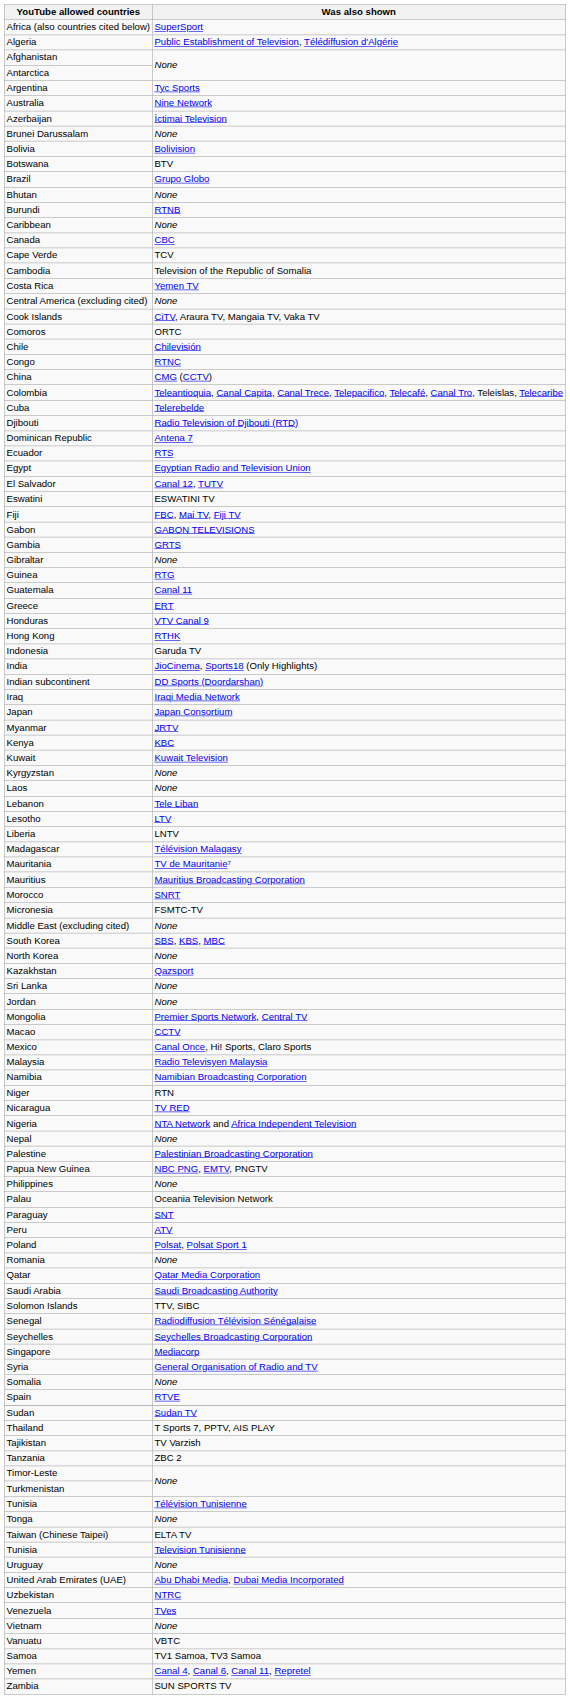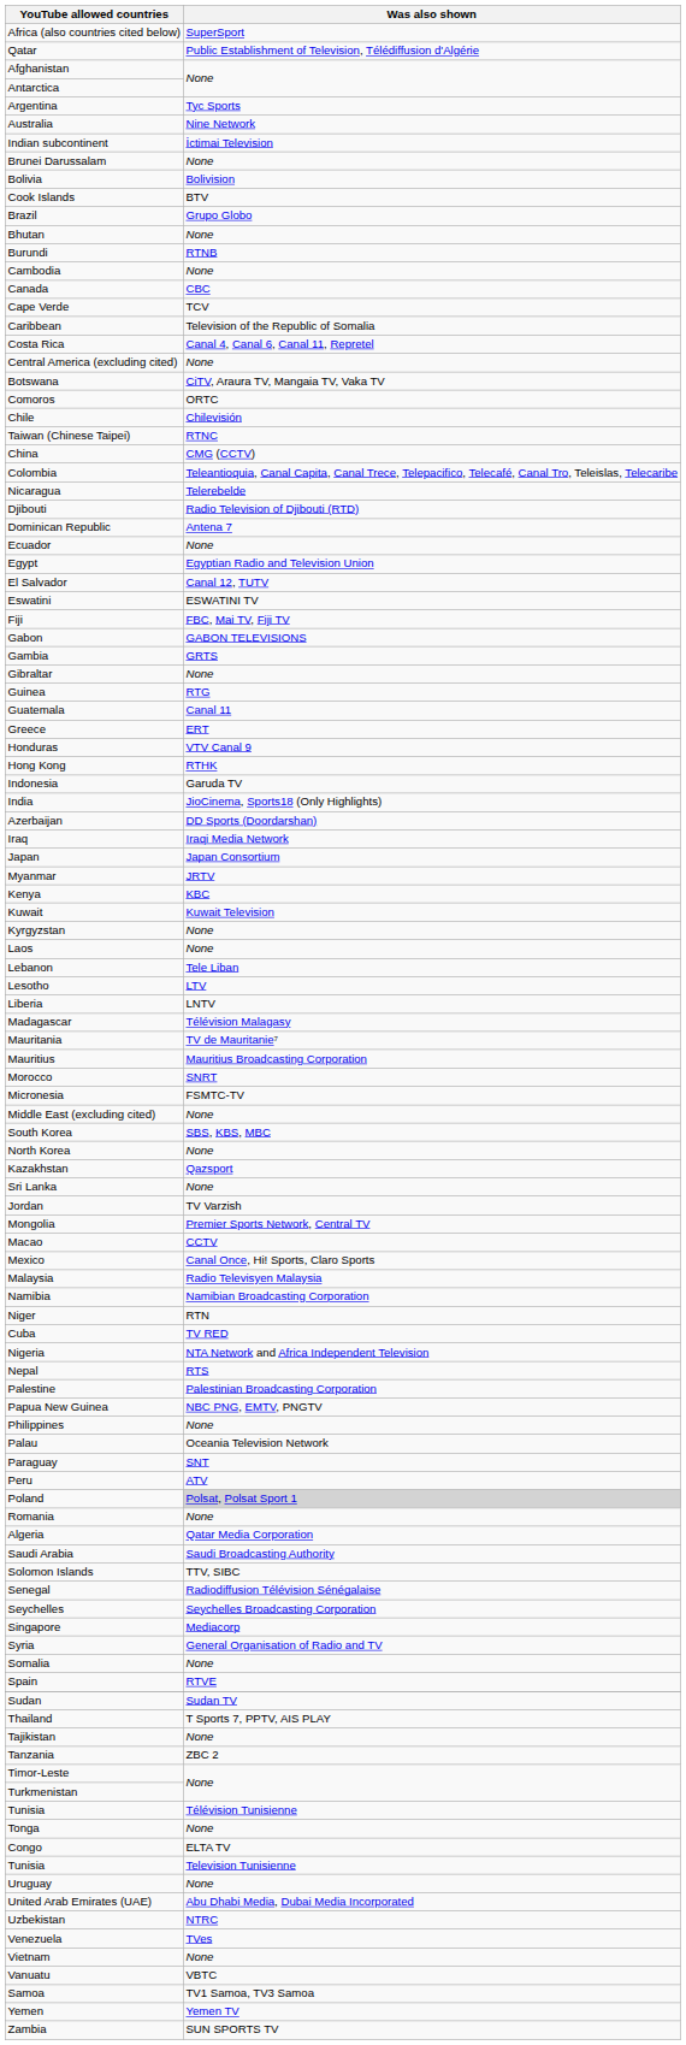 <table class="wikitable">
 <tr>
 <th>YouTube allowed countries</th>
 <th>Was also shown</th>
 </tr>
 <tr>
 <td>Africa (also countries cited below)</td>
 <td><a href='#'>SuperSport</a></td>
 </tr>
 <tr>
-<td>Algeria</td>
+<td>Qatar</td>
 <td><a href='#'>Public Establishment of Television</a>, <a href='#'>Télédiffusion d'Algérie</a></td>
 </tr>
 <tr>
 <td>Afghanistan</td>
 <td rowspan="2"><em>None</em></td>
 </tr>
 <tr>
 <td>Antarctica</td>
 </tr>
 <tr>
 <td>Argentina</td>
 <td><a href='#'>Tyc Sports</a></td>
 </tr>
 <tr>
 <td>Australia</td>
 <td rowspan="1"><a href='#'>Nine Network</a></td>
 </tr>
 <tr>
-<td>Azerbaijan</td>
+<td>Indian subcontinent</td>
 <td><a href='#'>İctimai Television</a></td>
 </tr>
 <tr>
 <td>Brunei Darussalam</td>
 <td rowspan="1"><em>None</em></td>
 </tr>
 <tr>
 <td>Bolivia</td>
 <td><a href='#'>Bolivision</a></td>
 </tr>
 <tr>
-<td>Botswana</td>
+<td>Cook Islands</td>
 <td>BTV</td>
 </tr>
 <tr>
 <td>Brazil</td>
 <td><a href='#'>Grupo Globo</a></td>
 </tr>
 <tr>
 <td>Bhutan</td>
 <td><em>None</em></td>
 </tr>
 <tr>
 <td>Burundi</td>
 <td><a href='#'>RTNB</a></td>
 </tr>
 <tr>
-<td>Caribbean</td>
+<td>Cambodia</td>
 <td><em>None</em></td>
 </tr>
 <tr>
 <td>Canada</td>
 <td><a href='#'>CBC</a></td>
 </tr>
 <tr>
 <td>Cape Verde</td>
 <td>TCV</td>
 </tr>
 <tr>
-<td>Cambodia</td>
+<td>Caribbean</td>
 <td>Television of the Republic of Somalia</td>
 </tr>
 <tr>
 <td>Costa Rica</td>
-<td><a href='#'>Yemen TV</a></td>
+<td><a href='#'>Canal 4</a>, <a href='#'>Canal 6</a>, <a href='#'>Canal 11</a>, <a href='#'>Repretel</a></td>
 </tr>
 <tr>
 <td>Central America (excluding cited)</td>
 <td><em>None</em></td>
 </tr>
 <tr>
-<td>Cook Islands</td>
+<td>Botswana</td>
 <td><a href='#'>CiTV</a>, Araura TV, Mangaia TV, Vaka TV</td>
 </tr>
 <tr>
 <td>Comoros</td>
 <td>ORTC</td>
 </tr>
 <tr>
 <td>Chile</td>
 <td><a href='#'>Chilevisión</a></td>
 </tr>
 <tr>
-<td>Congo</td>
+<td>Taiwan (Chinese Taipei)</td>
 <td><a href='#'>RTNC</a></td>
 </tr>
 <tr>
 <td>China</td>
 <td><a href='#'>CMG</a> (<a href='#'>CCTV</a>)</td>
 </tr>
 <tr>
 <td>Colombia</td>
 <td><a href='#'>Teleantioquia</a>, <a href='#'>Canal Capita</a>, <a href='#'>Canal Trece</a>, <a href='#'>Telepacifico</a>, <a href='#'>Telecafé</a>, <a href='#'>Canal Tro</a>, Teleislas, <a href='#'>Telecaribe</a></td>
 </tr>
 <tr>
-<td>Cuba</td>
+<td>Nicaragua</td>
 <td><a href='#'>Telerebelde</a></td>
 </tr>
 <tr>
 <td>Djibouti</td>
 <td><a href='#'>Radio Television of Djibouti (RTD)</a></td>
 </tr>
 <tr>
 <td>Dominican Republic</td>
 <td><a href='#'>Antena 7</a></td>
 </tr>
 <tr>
 <td>Ecuador</td>
-<td><a href='#'>RTS</a></td>
+<td><em>None</em></td>
 </tr>
 <tr>
 <td>Egypt</td>
 <td><a href='#'>Egyptian Radio and Television Union</a></td>
 </tr>
 <tr>
 <td>El Salvador</td>
 <td><a href='#'>Canal 12</a>, <a href='#'>TUTV</a></td>
 </tr>
 <tr>
 <td>Eswatini</td>
 <td>ESWATINI TV</td>
 </tr>
 <tr>
 <td>Fiji</td>
 <td><a href='#'>FBC</a>, <a href='#'>Mai TV</a>, <a href='#'>Fiji TV</a></td>
 </tr>
 <tr>
 <td>Gabon</td>
 <td><a href='#'>GABON TELEVISIONS</a></td>
 </tr>
 <tr>
 <td>Gambia</td>
 <td><a href='#'>GRTS</a></td>
 </tr>
 <tr>
 <td>Gibraltar</td>
 <td><em>None</em></td>
 </tr>
 <tr>
 <td>Guinea</td>
 <td><a href='#'>RTG</a></td>
 </tr>
 <tr>
 <td>Guatemala</td>
 <td><a href='#'>Canal 11</a></td>
 </tr>
 <tr>
 <td>Greece</td>
 <td><a href='#'>ERT</a></td>
 </tr>
 <tr>
 <td>Honduras</td>
 <td><a href='#'>VTV Canal 9</a></td>
 </tr>
 <tr>
 <td>Hong Kong</td>
 <td><a href='#'>RTHK</a></td>
 </tr>
 <tr>
 <td>Indonesia</td>
 <td>Garuda TV</td>
 </tr>
 <tr>
 <td>India</td>
 <td><a href='#'>JioCinema</a>, <a href='#'>Sports18</a> (Only Highlights)</td>
 </tr>
 <tr>
-<td>Indian subcontinent</td>
+<td>Azerbaijan</td>
 <td><a href='#'>DD Sports (Doordarshan)</a></td>
 </tr>
 <tr>
 <td>Iraq</td>
 <td><a href='#'>Iraqi Media Network</a></td>
 </tr>
 <tr>
 <td>Japan</td>
 <td><a href='#'>Japan Consortium</a></td>
 </tr>
 <tr>
 <td>Myanmar</td>
 <td><a href='#'>JRTV</a></td>
 </tr>
 <tr>
 <td>Kenya</td>
 <td><a href='#'>KBC</a></td>
 </tr>
 <tr>
 <td>Kuwait</td>
 <td><a href='#'>Kuwait Television</a></td>
 </tr>
 <tr>
 <td>Kyrgyzstan</td>
 <td><em>None</em></td>
 </tr>
 <tr>
 <td>Laos</td>
 <td><em>None</em></td>
 </tr>
 <tr>
 <td>Lebanon</td>
 <td><a href='#'>Tele Liban</a></td>
 </tr>
 <tr>
 <td>Lesotho</td>
 <td><a href='#'>LTV</a></td>
 </tr>
 <tr>
 <td>Liberia</td>
 <td>LNTV</td>
 </tr>
 <tr>
 <td>Madagascar</td>
 <td><a href='#'>Télévision Malagasy</a></td>
 </tr>
 <tr>
 <td>Mauritania</td>
 <td><a href='#'>TV de Mauritanie</a>⁷</td>
 </tr>
 <tr>
 <td>Mauritius</td>
 <td><a href='#'>Mauritius Broadcasting Corporation</a></td>
 </tr>
 <tr>
 <td>Morocco</td>
 <td><a href='#'>SNRT</a></td>
 </tr>
 <tr>
 <td>Micronesia</td>
 <td>FSMTC-TV</td>
 </tr>
 <tr>
 <td>Middle East (excluding cited)</td>
 <td><em>None</em></td>
 </tr>
 <tr>
 <td>South Korea</td>
 <td rowspan="1"><a href='#'>SBS</a>, <a href='#'>KBS</a>, <a href='#'>MBC</a></td>
 </tr>
 <tr>
 <td>North Korea</td>
 <td><em>None</em></td>
 </tr>
 <tr>
 <td>Kazakhstan</td>
 <td><a href='#'>Qazsport</a></td>
 </tr>
 <tr>
 <td>Sri Lanka</td>
 <td><em>None</em></td>
 </tr>
 <tr>
 <td>Jordan</td>
-<td><em>None</em></td>
+<td>TV Varzish</td>
 </tr>
 <tr>
 <td>Mongolia</td>
 <td><a href='#'>Premier Sports Network</a>, <a href='#'>Central TV</a></td>
 </tr>
 <tr>
 <td>Macao</td>
 <td><a href='#'>CCTV</a></td>
 </tr>
 <tr>
 <td>Mexico</td>
 <td><a href='#'>Canal Once</a>, Hi! Sports, Claro Sports</td>
 </tr>
 <tr>
 <td>Malaysia</td>
 <td><a href='#'>Radio Televisyen Malaysia</a></td>
 </tr>
 <tr>
 <td>Namibia</td>
 <td><a href='#'>Namibian Broadcasting Corporation</a></td>
 </tr>
 <tr>
 <td>Niger</td>
 <td>RTN</td>
 </tr>
 <tr>
-<td>Nicaragua</td>
+<td>Cuba</td>
 <td><a href='#'>TV RED</a></td>
 </tr>
 <tr>
 <td>Nigeria</td>
 <td><a href='#'>NTA Network</a> and <a href='#'>Africa Independent Television</a></td>
 </tr>
 <tr>
 <td>Nepal</td>
-<td><em>None</em></td>
+<td><a href='#'>RTS</a></td>
 </tr>
 <tr>
 <td>Palestine</td>
 <td><a href='#'>Palestinian Broadcasting Corporation</a></td>
 </tr>
 <tr>
 <td>Papua New Guinea</td>
 <td><a href='#'>NBC PNG</a>, <a href='#'>EMTV</a>, PNGTV</td>
 </tr>
 <tr>
 <td>Philippines</td>
 <td><em>None</em></td>
 </tr>
 <tr>
 <td>Palau</td>
 <td>Oceania Television Network</td>
 </tr>
 <tr>
 <td>Paraguay</td>
 <td><a href='#'>SNT</a></td>
 </tr>
 <tr>
 <td>Peru</td>
 <td><a href='#'>ATV</a></td>
 </tr>
 <tr>
 <td>Poland</td>
-<td><a href='#'>Polsat</a>, <a href='#'>Polsat Sport 1</a></td>
+<td style="background: lightgrey;"><a href='#'>Polsat</a>, <a href='#'>Polsat Sport 1</a></td>
 </tr>
 <tr>
 <td>Romania</td>
 <td><em>None</em></td>
 </tr>
 <tr>
-<td>Qatar</td>
+<td>Algeria</td>
 <td><a href='#'>Qatar Media Corporation</a></td>
 </tr>
 <tr>
 <td>Saudi Arabia</td>
 <td><a href='#'>Saudi Broadcasting Authority</a></td>
 </tr>
 <tr>
 <td>Solomon Islands</td>
 <td>TTV, SIBC</td>
 </tr>
 <tr>
 <td>Senegal</td>
 <td><a href='#'>Radiodiffusion Télévision Sénégalaise</a></td>
 </tr>
 <tr>
 <td>Seychelles</td>
 <td><a href='#'>Seychelles Broadcasting Corporation</a></td>
 </tr>
 <tr>
 <td>Singapore</td>
 <td><a href='#'>Mediacorp</a></td>
 </tr>
 <tr>
 <td>Syria</td>
 <td><a href='#'>General Organisation of Radio and TV</a></td>
 </tr>
 <tr>
 <td>Somalia</td>
 <td><em>None</em></td>
 </tr>
 <tr>
 <td>Spain</td>
 <td><a href='#'>RTVE</a></td>
 </tr>
 <tr>
 </tr>
 <tr>
 <td>Sudan</td>
 <td><a href='#'>Sudan TV</a></td>
 </tr>
 <tr>
 <td>Thailand</td>
 <td>T Sports 7, PPTV, AIS PLAY</td>
 </tr>
 <tr>
 <td>Tajikistan</td>
-<td>TV Varzish</td>
+<td><em>None</em></td>
 </tr>
 <tr>
 <td>Tanzania</td>
 <td>ZBC 2</td>
 </tr>
 <tr>
 <td>Timor-Leste</td>
 <td rowspan="2"><em>None</em></td>
 </tr>
 <tr>
 <td>Turkmenistan</td>
 </tr>
 <tr>
 <td>Tunisia</td>
 <td rowspan="1"><a href='#'>Télévision Tunisienne</a></td>
 </tr>
 <tr>
 <td>Tonga</td>
 <td rowspan="1"><em>None</em></td>
 </tr>
 <tr>
-<td>Taiwan (Chinese Taipei)</td>
+<td>Congo</td>
 <td>ELTA TV</td>
 </tr>
 <tr>
 <td>Tunisia</td>
 <td><a href='#'>Television Tunisienne</a></td>
 </tr>
 <tr>
 <td>Uruguay</td>
 <td><em>None</em></td>
 </tr>
 <tr>
 <td>United Arab Emirates (UAE)</td>
 <td><a href='#'>Abu Dhabi Media</a>, <a href='#'>Dubai Media Incorporated</a></td>
 </tr>
 <tr>
 <td>Uzbekistan</td>
 <td rowspan="1"><a href='#'>NTRC</a></td>
 </tr>
 <tr>
 <td>Venezuela</td>
 <td><a href='#'>TVes</a></td>
 </tr>
 <tr>
 <td>Vietnam</td>
 <td><em>None</em></td>
 </tr>
 <tr>
 <td>Vanuatu</td>
 <td>VBTC</td>
 </tr>
 <tr>
 <td>Samoa</td>
 <td>TV1 Samoa, TV3 Samoa</td>
 </tr>
 <tr>
 <td>Yemen</td>
-<td><a href='#'>Canal 4</a>, <a href='#'>Canal 6</a>, <a href='#'>Canal 11</a>, <a href='#'>Repretel</a></td>
+<td><a href='#'>Yemen TV</a></td>
 </tr>
 <tr>
 <td>Zambia</td>
 <td>SUN SPORTS TV</td>
 </tr>
 </table>
